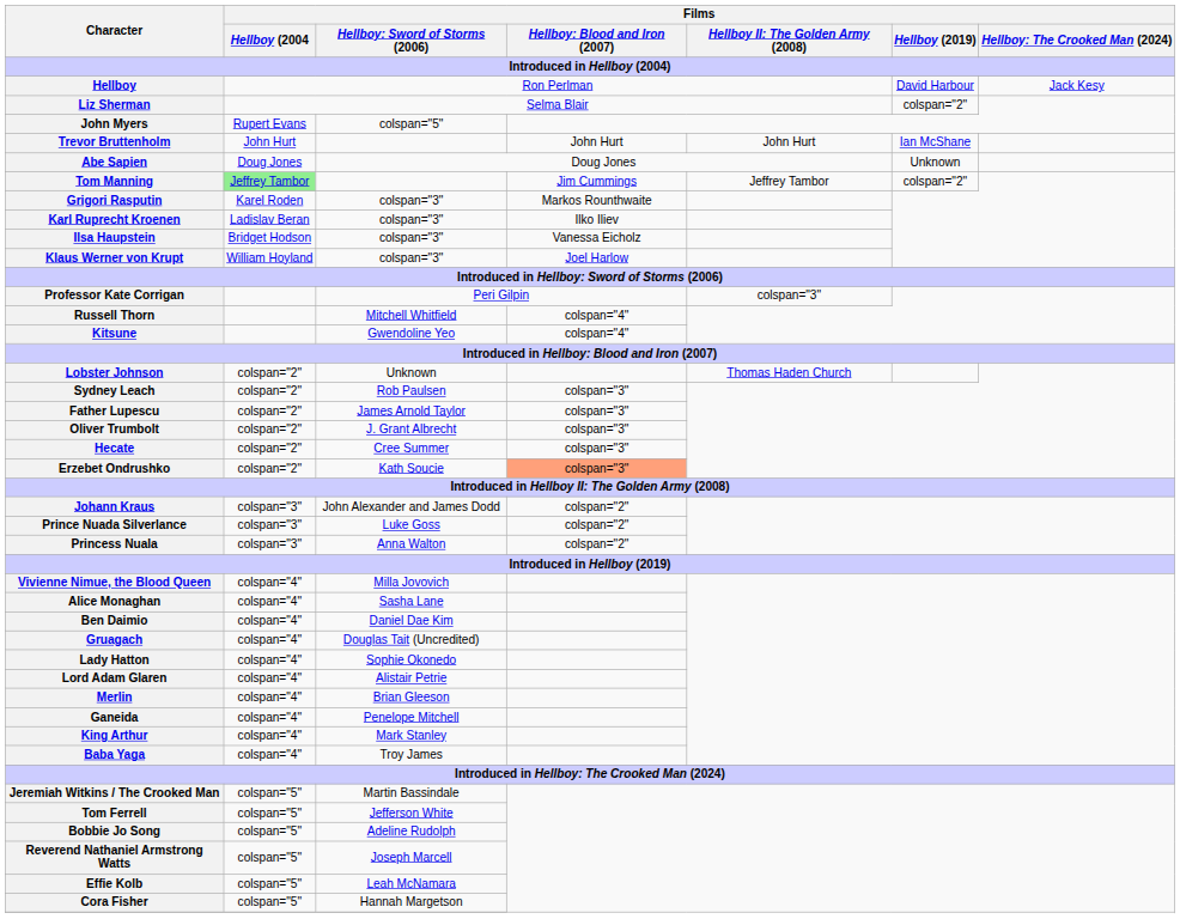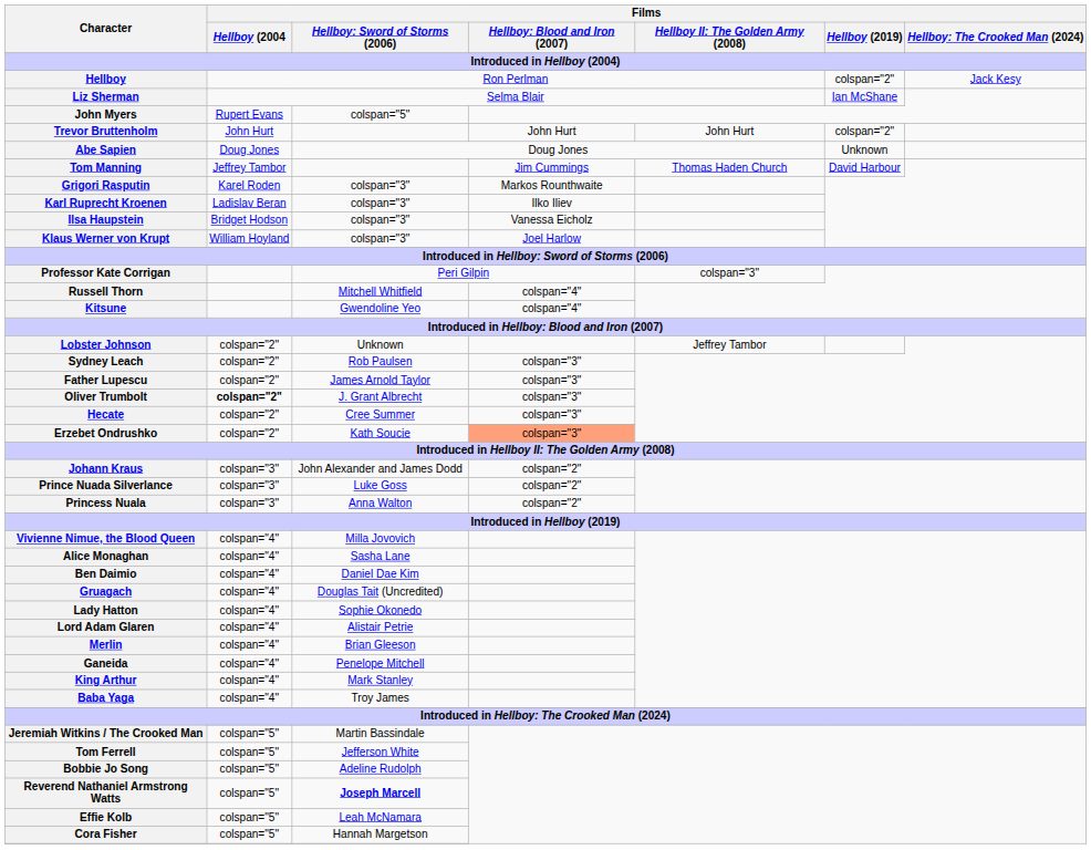 <table class="wikitable plainrowheaders" style="text-align:center; width:98%;">
 <tr>
 <th rowspan="2">Character</th>
 <th colspan="6">Films</th>
 </tr>
 <tr>
 <th><em><a href='#'>Hellboy</a></em> (2004</th>
 <th><em><a href='#'>Hellboy: Sword of Storms</a></em> (2006)</th>
 <th><em><a href='#'>Hellboy: Blood and Iron</a></em> (2007)</th>
 <th><em><a href='#'>Hellboy II: The Golden Army</a></em> (2008)</th>
 <th><em><a href='#'>Hellboy</a></em> (2019)</th>
 <th><em><a href='#'>Hellboy: The Crooked Man</a></em> (2024)</th>
 </tr>
 <tr>
 <th style="background-color:#ccccff;" colspan="7">Introduced in <em>Hellboy</em> (2004)</th>
 </tr>
 <tr>
 <th><a href='#'>Hellboy</a></th>
 <td colspan="4"><a href='#'>Ron Perlman</a></td>
-<td><a href='#'>David Harbour</a></td>
+<td>colspan="2" </td>
 <td><a href='#'>Jack Kesy</a></td>
 </tr>
 <tr>
 <th><a href='#'>Liz Sherman</a></th>
 <td colspan="4"><a href='#'>Selma Blair</a></td>
-<td>colspan="2" </td>
+<td><a href='#'>Ian McShane</a></td>
 </tr>
 <tr>
 <th>John Myers</th>
 <td><a href='#'>Rupert Evans</a></td>
 <td>colspan="5" </td>
 </tr>
 <tr>
 <th><a href='#'>Trevor Bruttenholm</a></th>
 <td><a href='#'>John Hurt</a></td>
 <td></td>
 <td>John Hurt<br></td>
 <td>John Hurt</td>
-<td><a href='#'>Ian McShane</a></td>
+<td>colspan="2" </td>
 <td></td>
 </tr>
 <tr>
 <th><a href='#'>Abe Sapien</a></th>
 <td><a href='#'>Doug Jones</a><br></td>
 <td colspan="3">Doug Jones</td>
 <td>Unknown </td>
 <td></td>
 </tr>
 <tr>
 <th><a href='#'>Tom Manning</a></th>
-<td style="background: lightgreen;"><a href='#'>Jeffrey Tambor</a></td>
+<td><a href='#'>Jeffrey Tambor</a></td>
 <td></td>
 <td><a href='#'>Jim Cummings</a></td>
-<td>Jeffrey Tambor</td>
-<td>colspan="2" </td>
+<td><a href='#'>Thomas Haden Church</a></td>
+<td><a href='#'>David Harbour</a></td>
 </tr>
 <tr>
 <th><a href='#'>Grigori Rasputin</a></th>
 <td><a href='#'>Karel Roden</a></td>
 <td>colspan="3" </td>
 <td>Markos Rounthwaite </td>
 <td></td>
 </tr>
 <tr>
 <th><a href='#'>Karl Ruprecht Kroenen</a></th>
 <td><a href='#'>Ladislav Beran</a></td>
 <td>colspan="3" </td>
 <td>Ilko Iliev </td>
 <td></td>
 </tr>
 <tr>
 <th><a href='#'>Ilsa Haupstein</a></th>
 <td><a href='#'>Bridget Hodson</a></td>
 <td>colspan="3" </td>
 <td>Vanessa Eicholz </td>
 <td></td>
 </tr>
 <tr>
 <th><a href='#'>Klaus Werner von Krupt</a></th>
 <td><a href='#'>William Hoyland</a></td>
 <td>colspan="3" </td>
 <td><a href='#'>Joel Harlow</a> </td>
 <td></td>
 </tr>
 <tr>
 <th style="background-color:#ccccff;" colspan="7">Introduced in <em>Hellboy: Sword of Storms</em> (2006)</th>
 </tr>
 <tr>
 <th>Professor Kate Corrigan</th>
 <td></td>
 <td colspan="2"><a href='#'>Peri Gilpin</a></td>
 <td>colspan="3" </td>
 </tr>
 <tr>
 <th>Russell Thorn</th>
 <td></td>
 <td><a href='#'>Mitchell Whitfield</a></td>
 <td>colspan="4" </td>
 </tr>
 <tr>
 <th><a href='#'>Kitsune</a></th>
 <td></td>
 <td><a href='#'>Gwendoline Yeo</a></td>
 <td>colspan="4" </td>
 </tr>
 <tr>
 <th style="background-color:#ccccff;" colspan="7">Introduced in <em>Hellboy: Blood and Iron</em> (2007)</th>
 </tr>
 <tr>
 <th><a href='#'>Lobster Johnson</a></th>
 <td>colspan="2" </td>
 <td>Unknown </td>
 <td></td>
-<td><a href='#'>Thomas Haden Church</a></td>
+<td>Jeffrey Tambor</td>
 <td></td>
 </tr>
 <tr>
 <th>Sydney Leach</th>
 <td>colspan="2" </td>
 <td><a href='#'>Rob Paulsen</a></td>
 <td>colspan="3" </td>
 </tr>
 <tr>
 <th>Father Lupescu</th>
 <td>colspan="2" </td>
 <td><a href='#'>James Arnold Taylor</a></td>
 <td>colspan="3" </td>
 </tr>
 <tr>
 <th>Oliver Trumbolt</th>
-<td>colspan="2" </td>
+<td><strong>colspan="2" </strong></td>
 <td><a href='#'>J. Grant Albrecht</a></td>
 <td>colspan="3" </td>
 </tr>
 <tr>
 <th><a href='#'>Hecate</a></th>
 <td>colspan="2" </td>
 <td><a href='#'>Cree Summer</a></td>
 <td>colspan="3" </td>
 </tr>
 <tr>
 <th>Erzebet Ondrushko</th>
 <td>colspan="2" </td>
 <td><a href='#'>Kath Soucie</a></td>
 <td style="background: lightsalmon;">colspan="3" </td>
 </tr>
 <tr>
 <th style="background-color:#ccccff;" colspan="7">Introduced in <em>Hellboy II: The Golden Army</em> (2008)</th>
 </tr>
 <tr>
 <th><a href='#'>Johann Kraus</a></th>
 <td>colspan="3" </td>
 <td>John Alexander and James Dodd<br></td>
 <td>colspan="2" </td>
 </tr>
 <tr>
 <th>Prince Nuada Silverlance</th>
 <td>colspan="3" </td>
 <td><a href='#'>Luke Goss</a></td>
 <td>colspan="2" </td>
 </tr>
 <tr>
 <th>Princess Nuala</th>
 <td>colspan="3" </td>
 <td><a href='#'>Anna Walton</a></td>
 <td>colspan="2" </td>
 </tr>
 <tr>
 <th style="background-color:#ccccff;" colspan="7">Introduced in <em>Hellboy</em> (2019)</th>
 </tr>
 <tr>
 <th><a href='#'>Vivienne Nimue, the Blood Queen</a></th>
 <td>colspan="4" </td>
 <td><a href='#'>Milla Jovovich</a></td>
 <td></td>
 </tr>
 <tr>
 <th>Alice Monaghan</th>
 <td>colspan="4" </td>
 <td><a href='#'>Sasha Lane</a></td>
 <td></td>
 </tr>
 <tr>
 <th>Ben Daimio</th>
 <td>colspan="4" </td>
 <td><a href='#'>Daniel Dae Kim</a></td>
 <td></td>
 </tr>
 <tr>
 <th><a href='#'>Gruagach</a></th>
 <td>colspan="4" </td>
 <td><a href='#'>Douglas Tait</a> (Uncredited)<br></td>
 <td></td>
 </tr>
 <tr>
 <th>Lady Hatton</th>
 <td>colspan="4" </td>
 <td><a href='#'>Sophie Okonedo</a></td>
 <td></td>
 </tr>
 <tr>
 <th>Lord Adam Glaren</th>
 <td>colspan="4" </td>
 <td><a href='#'>Alistair Petrie</a></td>
 <td></td>
 </tr>
 <tr>
 <th><a href='#'>Merlin</a></th>
 <td>colspan="4" </td>
 <td><a href='#'>Brian Gleeson</a></td>
 <td></td>
 </tr>
 <tr>
 <th>Ganeida</th>
 <td>colspan="4" </td>
 <td><a href='#'>Penelope Mitchell</a></td>
 <td></td>
 </tr>
 <tr>
 <th><a href='#'>King Arthur</a></th>
 <td>colspan="4" </td>
 <td><a href='#'>Mark Stanley</a></td>
 <td></td>
 </tr>
 <tr>
 <th><a href='#'>Baba Yaga</a></th>
 <td>colspan="4" </td>
 <td>Troy James<br></td>
 <td></td>
 </tr>
 <tr>
 <th style="background-color:#ccccff;" colspan="7">Introduced in <em>Hellboy: The Crooked Man</em> (2024)</th>
 </tr>
 <tr>
 <th>Jeremiah Witkins / The Crooked Man</th>
 <td>colspan="5" </td>
 <td>Martin Bassindale</td>
 </tr>
 <tr>
 <th>Tom Ferrell</th>
 <td>colspan="5" </td>
 <td><a href='#'>Jefferson White</a></td>
 </tr>
 <tr>
 <th>Bobbie Jo Song</th>
 <td>colspan="5" </td>
 <td><a href='#'>Adeline Rudolph</a></td>
 </tr>
 <tr>
 <th>Reverend Nathaniel Armstrong Watts</th>
 <td>colspan="5" </td>
-<td><a href='#'>Joseph Marcell</a></td>
+<td><strong><a href='#'>Joseph Marcell</a></strong></td>
 </tr>
 <tr>
 <th>Effie Kolb</th>
 <td>colspan="5" </td>
 <td><a href='#'>Leah McNamara</a></td>
 </tr>
 <tr>
 <th>Cora Fisher</th>
 <td>colspan="5" </td>
 <td>Hannah Margetson</td>
 </tr>
 <tr>
 </tr>
 </table>
